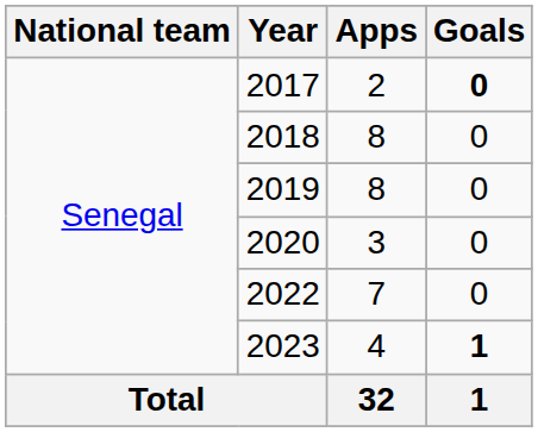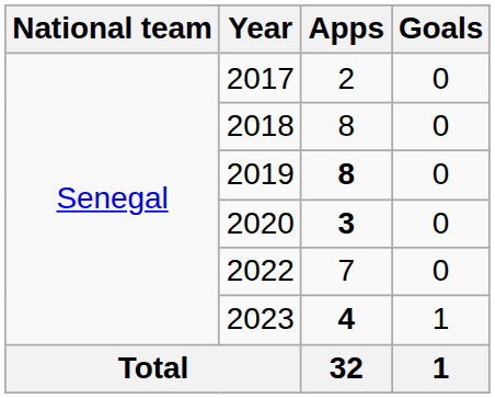 <table class="wikitable" style="text-align:center">
 <tr>
 <th>National team</th>
 <th>Year</th>
 <th>Apps</th>
 <th>Goals</th>
 </tr>
 <tr>
 <td rowspan="6"><a href='#'>Senegal</a></td>
 <td>2017</td>
 <td>2</td>
-<td><strong>0</strong></td>
+<td>0</td>
 </tr>
 <tr>
 <td>2018</td>
 <td>8</td>
 <td>0</td>
 </tr>
 <tr>
 <td>2019</td>
-<td>8</td>
+<td><strong>8</strong></td>
 <td>0</td>
 </tr>
 <tr>
 <td>2020</td>
-<td>3</td>
+<td><strong>3</strong></td>
 <td>0</td>
 </tr>
 <tr>
 <td>2022</td>
 <td>7</td>
 <td>0</td>
 </tr>
 <tr>
 <td>2023</td>
-<td>4</td>
-<td><strong>1</strong></td>
+<td><strong>4</strong></td>
+<td>1</td>
 </tr>
 <tr>
 <th colspan="2">Total</th>
 <th>32</th>
 <th>1</th>
 </tr>
 </table>
